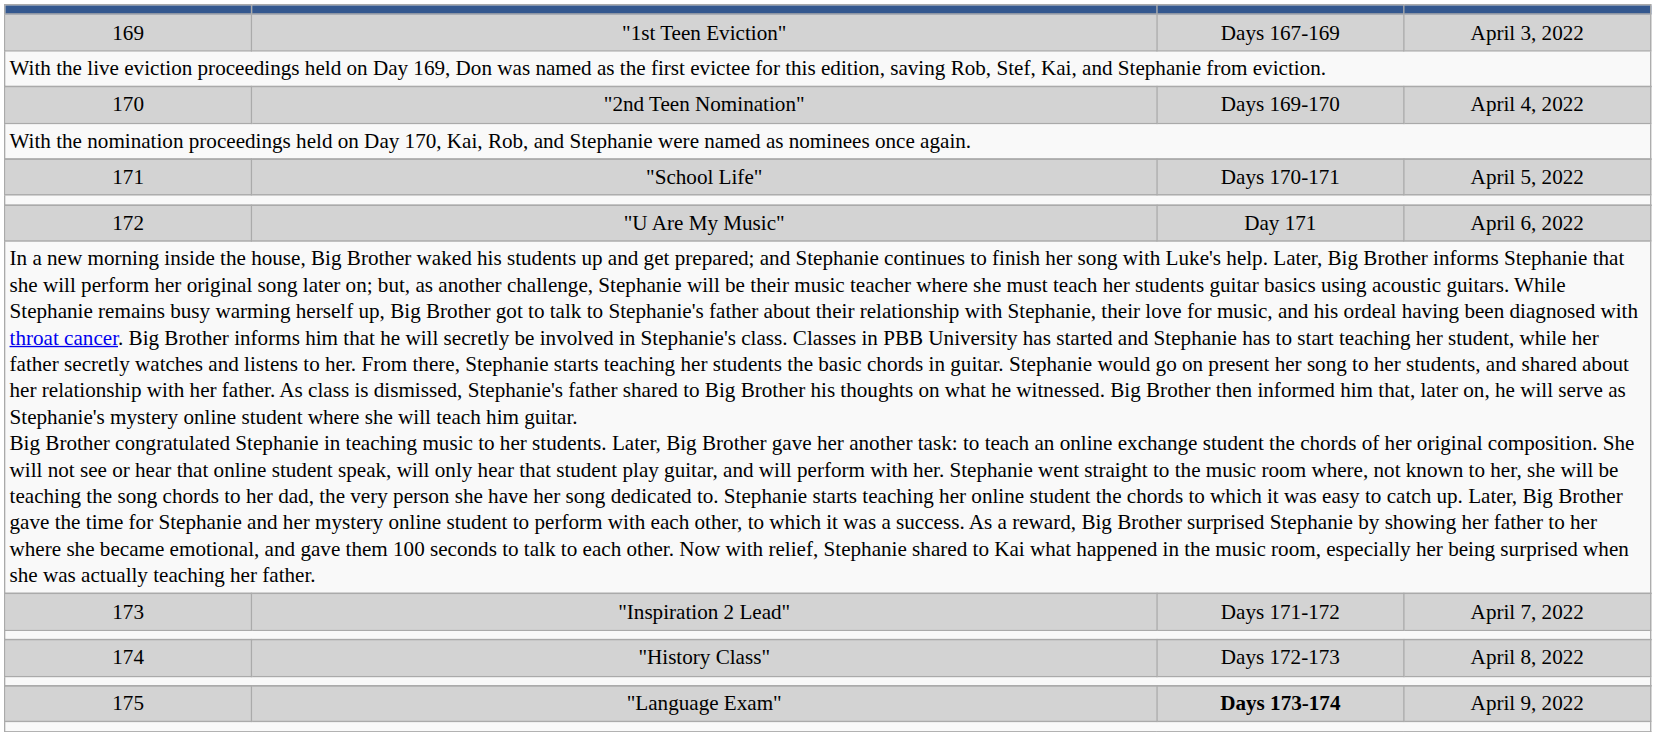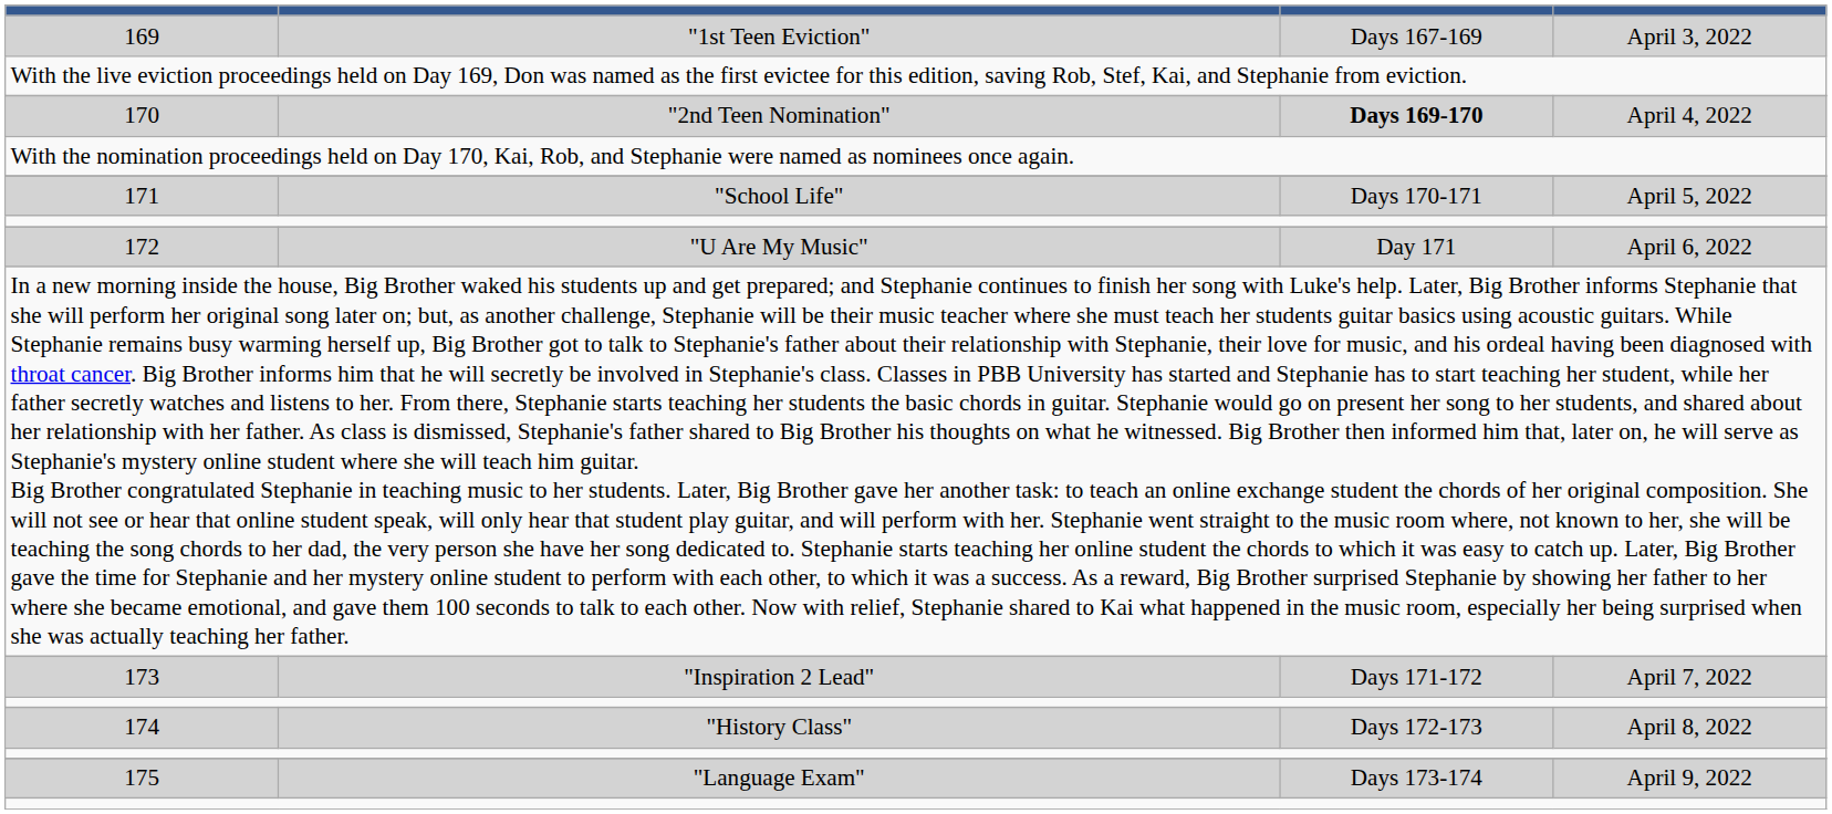 <table class="wikitable sortable" style="font-size:100%; line-height:20px; text-align:center">
 <tr>
 <th width="15%" style="background:#34588F"></th>
 <th width="55%" style="background:#34588F"></th>
 <th width="15%" style="background:#34588F"></th>
 <th width="15%" style="background:#34588F"></th>
 </tr>
 <tr style="background:lightgrey;">
 <td>169</td>
 <td>"1st Teen Eviction"</td>
 <td>Days 167-169</td>
 <td>April 3, 2022</td>
 </tr>
 <tr>
 <td colspan="4" align="left">With the live eviction proceedings held on Day 169, Don was named as the first evictee for this edition, saving Rob, Stef, Kai, and Stephanie from eviction.</td>
 </tr>
 <tr>
 </tr>
 <tr style="background:lightgrey;">
 <td>170</td>
 <td>"2nd Teen Nomination"</td>
-<td>Days 169-170</td>
+<td><strong>Days 169-170</strong></td>
 <td>April 4, 2022</td>
 </tr>
 <tr>
 <td colspan="4" align="left">With the nomination proceedings held on Day 170, Kai, Rob, and Stephanie were named as nominees once again.</td>
 </tr>
 <tr>
 </tr>
 <tr style="background:lightgrey;">
 <td>171</td>
 <td>"School Life"</td>
 <td>Days 170-171</td>
 <td>April 5, 2022</td>
 </tr>
 <tr>
 <td colspan="4" align="left"></td>
 </tr>
 <tr>
 </tr>
 <tr style="background:lightgrey;">
 <td>172</td>
 <td>"U Are My Music"</td>
 <td>Day 171</td>
 <td>April 6, 2022</td>
 </tr>
 <tr>
 <td colspan="4" align="left">In a new morning inside the house, Big Brother waked his students up and get prepared; and Stephanie continues to finish her song with Luke's help. Later, Big Brother informs Stephanie that she will perform her original song later on; but, as another challenge, Stephanie will be their music teacher where she must teach her students guitar basics using acoustic guitars. While Stephanie remains busy warming herself up, Big Brother got to talk to Stephanie's father about their relationship with Stephanie, their love for music, and his ordeal having been diagnosed with <a href='#'>throat cancer</a>. Big Brother informs him that he will secretly be involved in Stephanie's class. Classes in PBB University has started and Stephanie has to start teaching her student, while her father secretly watches and listens to her. From there, Stephanie starts teaching her students the basic chords in guitar. Stephanie would go on present her song to her students, and shared about her relationship with her father. As class is dismissed, Stephanie's father shared to Big Brother his thoughts on what he witnessed. Big Brother then informed him that, later on, he will serve as Stephanie's mystery online student where she will teach him guitar.<br>Big Brother congratulated Stephanie in teaching music to her students. Later, Big Brother gave her another task: to teach an online exchange student the chords of her original composition. She will not see or hear that online student speak, will only hear that student play guitar, and will perform with her. Stephanie went straight to the music room where, not known to her, she will be teaching the song chords to her dad, the very person she have her song dedicated to. Stephanie starts teaching her online student the chords to which it was easy to catch up. Later, Big Brother gave the time for Stephanie and her mystery online student to perform with each other, to which it was a success. As a reward, Big Brother surprised Stephanie by showing her father to her where she became emotional, and gave them 100 seconds to talk to each other. Now with relief, Stephanie shared to Kai what happened in the music room, especially her being surprised when she was actually teaching her father.</td>
 </tr>
 <tr>
 </tr>
 <tr style="background:lightgrey;">
 <td>173</td>
 <td>"Inspiration 2 Lead"</td>
 <td>Days 171-172</td>
 <td>April 7, 2022</td>
 </tr>
 <tr>
 <td colspan="4" align="left"></td>
 </tr>
 <tr>
 </tr>
 <tr style="background:lightgrey;">
 <td>174</td>
 <td>"History Class"</td>
 <td>Days 172-173</td>
 <td>April 8, 2022</td>
 </tr>
 <tr>
 <td colspan="4" align="left"></td>
 </tr>
 <tr>
 </tr>
 <tr style="background:lightgrey;">
 <td>175</td>
 <td>"Language Exam"</td>
-<td><strong>Days 173-174</strong></td>
+<td>Days 173-174</td>
 <td>April 9, 2022</td>
 </tr>
 <tr>
 <td colspan="4" align="left"></td>
 </tr>
 <tr>
 </tr>
 </table>
